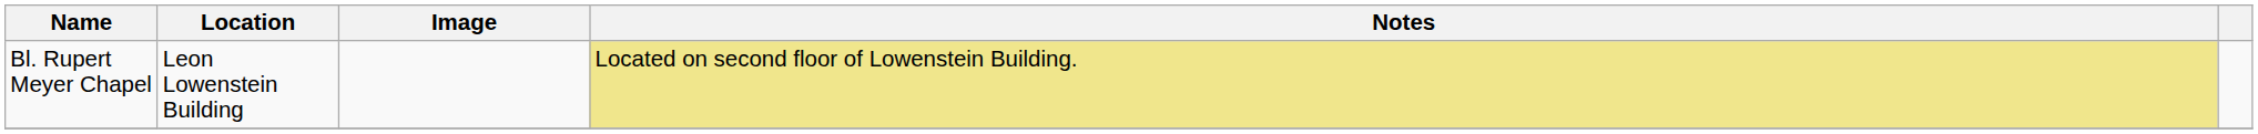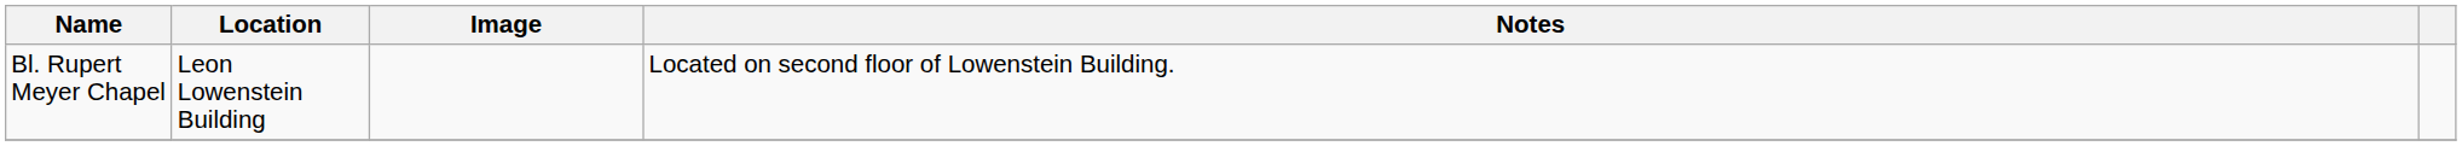 <table class="wikitable sortable" style="width:100%">
 <tr>
 <th width="100px">Name</th>
 <th width="120px" style="text-align:center">Location</th>
 <th width="*" class="unsortable"  style="text-align:center">Image</th>
 <th width="*" class="unsortable" style="text-align:center">Notes</th>
 <th wdith="*" class="unsortable"></th>
 </tr>
 <tr valign="top">
 <td>Bl. Rupert Meyer Chapel</td>
 <td>Leon Lowenstein Building</td>
 <td></td>
-<td style="background: khaki;">Located on second floor of Lowenstein Building.</td>
+<td>Located on second floor of Lowenstein Building.</td>
 <td></td>
 </tr>
 <tr>
 </tr>
 </table>
